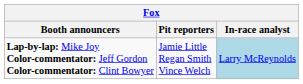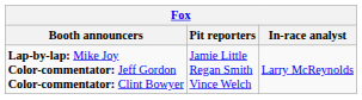 <table class="wikitable" style="font-size: 95%">
 <tr>
 <th colspan="3"><a href='#'>Fox</a></th>
 </tr>
 <tr>
 <th>Booth announcers</th>
 <th>Pit reporters</th>
 <th>In-race analyst</th>
 </tr>
 <tr>
 <td><strong>Lap-by-lap:</strong> <a href='#'>Mike Joy</a><br><strong>Color-commentator:</strong> <a href='#'>Jeff Gordon</a> <br><strong>Color-commentator:</strong> <a href='#'>Clint Bowyer</a></td>
 <td><a href='#'>Jamie Little</a><br><a href='#'>Regan Smith</a><br><a href='#'>Vince Welch</a></td>
-<td style="background: lightblue;"><a href='#'>Larry McReynolds</a></td>
+<td><a href='#'>Larry McReynolds</a></td>
 </tr>
 </table>
